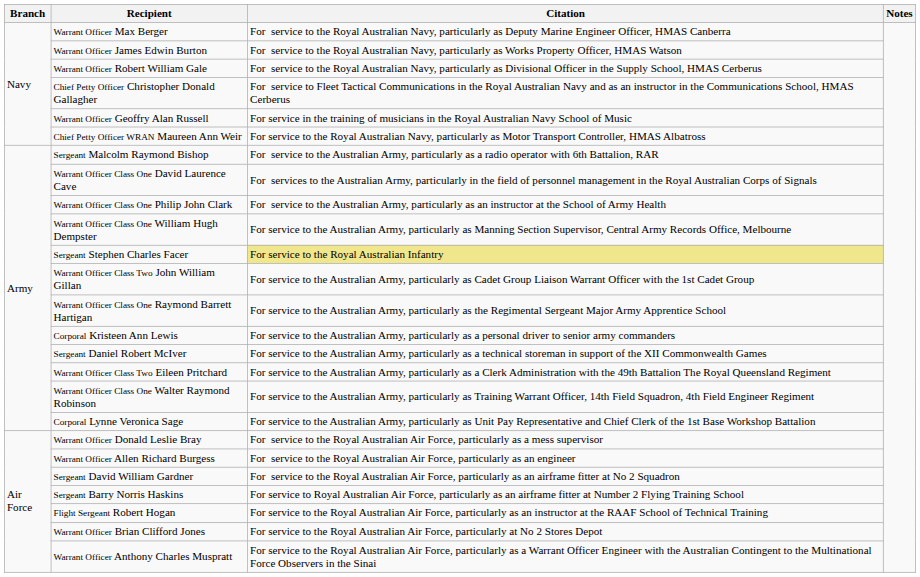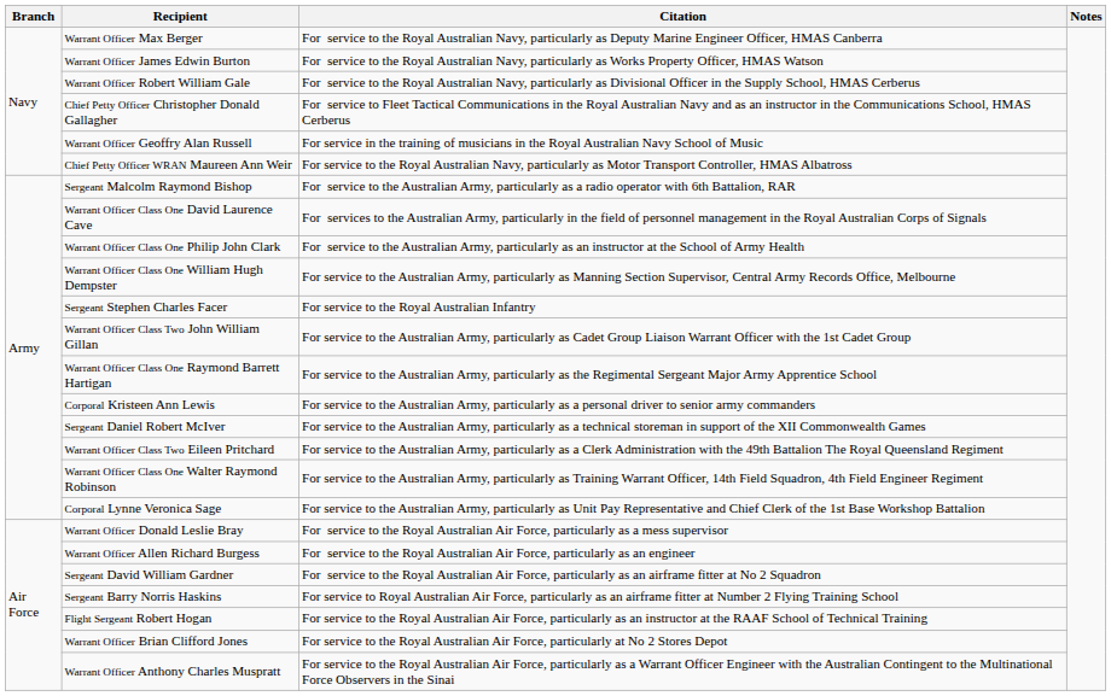 <table class="wikitable" style="font-size:95%;">
 <tr>
 <th>Branch</th>
 <th>Recipient</th>
 <th>Citation</th>
 <th>Notes</th>
 </tr>
 <tr>
 <td rowspan="6">Navy</td>
 <td><small>Warrant Officer</small> Max Berger</td>
 <td>For  service to the Royal Australian Navy, particularly as Deputy Marine Engineer Officer, HMAS Canberra</td>
 <td rowspan="25"></td>
 </tr>
 <tr>
 <td><small>Warrant Officer</small> James Edwin Burton</td>
 <td>For  service to the Royal Australian Navy, particularly as Works Property Officer, HMAS Watson</td>
 </tr>
 <tr>
 <td><small>Warrant Officer</small> Robert William Gale</td>
 <td>For  service to the Royal Australian Navy, particularly as Divisional Officer in the Supply School, HMAS Cerberus</td>
 </tr>
 <tr>
 <td><small>Chief Petty Officer</small> Christopher Donald Gallagher</td>
 <td>For  service to Fleet Tactical Communications in the Royal Australian Navy and as an instructor in the Communications School, HMAS Cerberus</td>
 </tr>
 <tr>
 <td><small>Warrant Officer</small> Geoffry Alan Russell</td>
 <td>For service in the training of musicians in the Royal Australian Navy School of Music</td>
 </tr>
 <tr>
 <td><small>Chief Petty Officer WRAN</small> Maureen Ann Weir</td>
 <td>For service to the Royal Australian Navy, particularly as Motor Transport Controller, HMAS Albatross</td>
 </tr>
 <tr>
 <td rowspan="12">Army</td>
 <td><small>Sergeant</small> Malcolm Raymond Bishop</td>
 <td>For  service to the Australian Army, particularly as a radio operator with 6th Battalion, RAR</td>
 </tr>
 <tr>
 <td><small>Warrant Officer Class One</small> David Laurence Cave</td>
 <td>For  services to the Australian Army, particularly in the field of personnel management in the Royal Australian Corps of Signals</td>
 </tr>
 <tr>
 <td><small>Warrant Officer Class One</small> Philip John Clark</td>
 <td>For  service to the Australian Army, particularly as an instructor at the School of Army Health</td>
 </tr>
 <tr>
 <td><small>Warrant Officer Class One</small> William Hugh Dempster</td>
 <td>For service to the Australian Army, particularly as Manning Section Supervisor, Central Army Records Office, Melbourne</td>
 </tr>
 <tr>
 <td><small>Sergeant</small> Stephen Charles Facer</td>
-<td style="background: khaki;">For service to the Royal Australian Infantry</td>
+<td>For service to the Royal Australian Infantry</td>
 </tr>
 <tr>
 <td><small>Warrant Officer Class Two</small> John William Gillan</td>
 <td>For service to the Australian Army, particularly as Cadet Group Liaison Warrant Officer with the 1st Cadet Group</td>
 </tr>
 <tr>
 <td><small>Warrant Officer Class One</small> Raymond Barrett Hartigan</td>
 <td>For service to the Australian Army, particularly as the Regimental Sergeant Major Army Apprentice School</td>
 </tr>
 <tr>
 <td><small>Corporal</small> Kristeen Ann Lewis</td>
 <td>For service to the Australian Army, particularly as a personal driver to senior army commanders</td>
 </tr>
 <tr>
 <td><small>Sergeant</small> Daniel Robert McIver</td>
 <td>For service to the Australian Army, particularly as a technical storeman in support of the XII Commonwealth Games</td>
 </tr>
 <tr>
 <td><small>Warrant Officer Class Two</small> Eileen Pritchard</td>
 <td>For service to the Australian Army, particularly as a Clerk Administration with the 49th Battalion The Royal Queensland Regiment</td>
 </tr>
 <tr>
 <td><small>Warrant Officer Class One</small> Walter Raymond Robinson</td>
 <td>For service to the Australian Army, particularly as Training Warrant Officer, 14th Field Squadron, 4th Field Engineer Regiment</td>
 </tr>
 <tr>
 <td><small>Corporal</small> Lynne Veronica Sage</td>
 <td>For service to the Australian Army, particularly as Unit Pay Representative and Chief Clerk of the 1st Base Workshop Battalion</td>
 </tr>
 <tr>
 <td rowspan="7">Air Force</td>
 <td><small>Warrant Officer</small> Donald Leslie Bray</td>
 <td>For  service to the Royal Australian Air Force, particularly as a mess supervisor</td>
 </tr>
 <tr>
 <td><small>Warrant Officer</small> Allen Richard Burgess</td>
 <td>For  service to the Royal Australian Air Force, particularly as an engineer</td>
 </tr>
 <tr>
 <td><small>Sergeant</small> David William Gardner</td>
 <td>For  service to the Royal Australian Air Force, particularly as an airframe fitter at No 2 Squadron</td>
 </tr>
 <tr>
 <td><small>Sergeant</small> Barry Norris Haskins</td>
 <td>For service to Royal Australian Air Force, particularly as an airframe fitter at Number 2 Flying Training School</td>
 </tr>
 <tr>
 <td><small>Flight Sergeant</small> Robert Hogan</td>
 <td>For service to the Royal Australian Air Force, particularly as an instructor at the RAAF School of Technical Training</td>
 </tr>
 <tr>
 <td><small>Warrant Officer</small> Brian Clifford Jones</td>
 <td>For service to the Royal Australian Air Force, particularly at No 2 Stores Depot</td>
 </tr>
 <tr>
 <td><small>Warrant Officer</small> Anthony Charles Muspratt</td>
 <td>For service to the Royal Australian Air Force, particularly as a Warrant Officer Engineer with the Australian Contingent to the Multinational Force Observers in the Sinai</td>
 </tr>
 </table>
